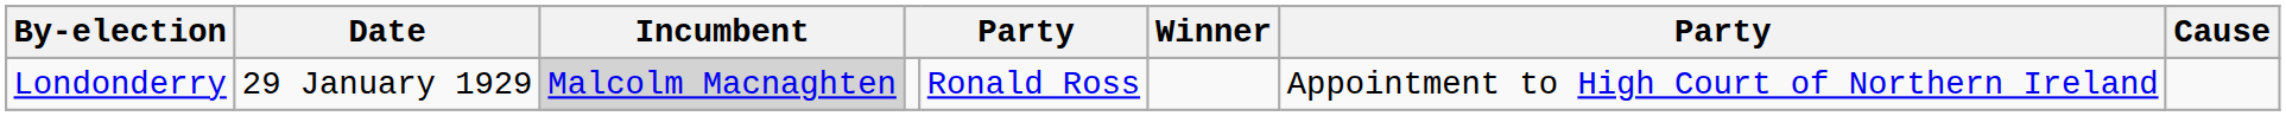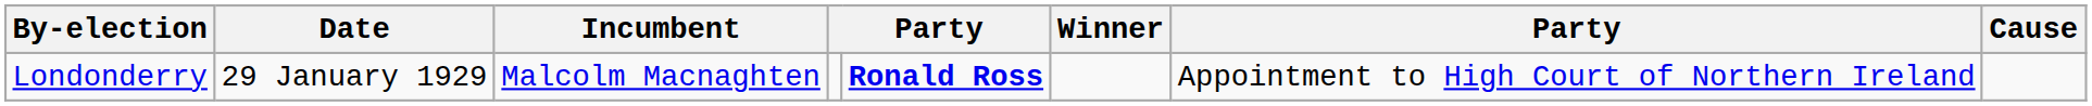 <table class=wikitable>
 <tr>
 <th>By-election</th>
 <th>Date</th>
 <th>Incumbent</th>
 <th colspan=2>Party</th>
 <th>Winner</th>
 <th colspan=2>Party</th>
 <th>Cause</th>
 </tr>
 <tr>
 <td><a href='#'>Londonderry</a></td>
 <td>29 January 1929</td>
-<td style="background: lightgrey;"><a href='#'>Malcolm Macnaghten</a></td>
+<td><a href='#'>Malcolm Macnaghten</a></td>
 <td></td>
-<td><a href='#'>Ronald Ross</a></td>
+<td><strong><a href='#'>Ronald Ross</a></strong></td>
 <td></td>
 <td>Appointment to <a href='#'>High Court of Northern Ireland</a></td>
 </tr>
 </table>
